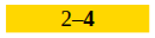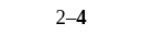 <table style="text-align:center">
 <tr>
 <th width=223></th>
 <th width=100></th>
 <th width=223></th>
 </tr>
 <tr>
 <td align=right></td>
-<td style="background: gold;">2–<strong>4</strong></td>
+<td>2–<strong>4</strong></td>
 <td align=left><strong></strong></td>
 </tr>
 </table>
